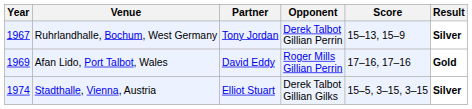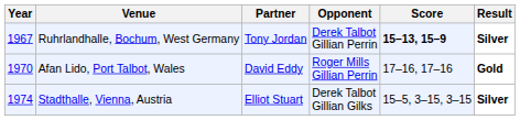 <table class="sortable wikitable" style="font-size: 90%;">
 <tr>
 <th>Year</th>
 <th>Venue</th>
 <th>Partner</th>
 <th>Opponent</th>
 <th>Score</th>
 <th>Result</th>
 </tr>
 <tr style="background:#ECF2FF">
 <td align="center"><a href='#'>1967</a></td>
 <td align="left">Ruhrlandhalle, <a href='#'>Bochum</a>, West Germany</td>
 <td align="left"> <a href='#'>Tony Jordan</a></td>
 <td align="left"> <a href='#'>Derek Talbot</a><br> Gillian Perrin</td>
-<td align="left">15–13, 15–9</td>
+<td align="left"><strong>15–13, 15–9</strong></td>
 <td style="text-align:left; background:white"> <strong>Silver</strong></td>
 </tr>
 <tr style="background:#ECF2FF">
-<td align="center"><a href='#'>1969</a></td>
+<td align="center"><a href='#'>1970</a></td>
 <td align="left">Afan Lido, <a href='#'>Port Talbot</a>, Wales</td>
 <td align="left"> <a href='#'>David Eddy</a></td>
 <td align="left"> <a href='#'>Roger Mills</a><br> <a href='#'>Gillian Perrin</a></td>
 <td align="left">17–16, 17–16</td>
 <td style="text-align:left; background:white">  <strong>Gold</strong></td>
 </tr>
 <tr style="background:#ECF2FF">
 <td align="center"><a href='#'>1974</a></td>
 <td align="left"><a href='#'>Stadthalle</a>, <a href='#'>Vienna</a>, Austria</td>
 <td align="left"> <a href='#'>Elliot Stuart</a></td>
 <td align="left"> Derek Talbot<br> Gillian Gilks</td>
 <td align="left">15–5, 3–15, 3–15</td>
 <td style="text-align:left; background:white"> <strong>Silver</strong></td>
 </tr>
 </table>
